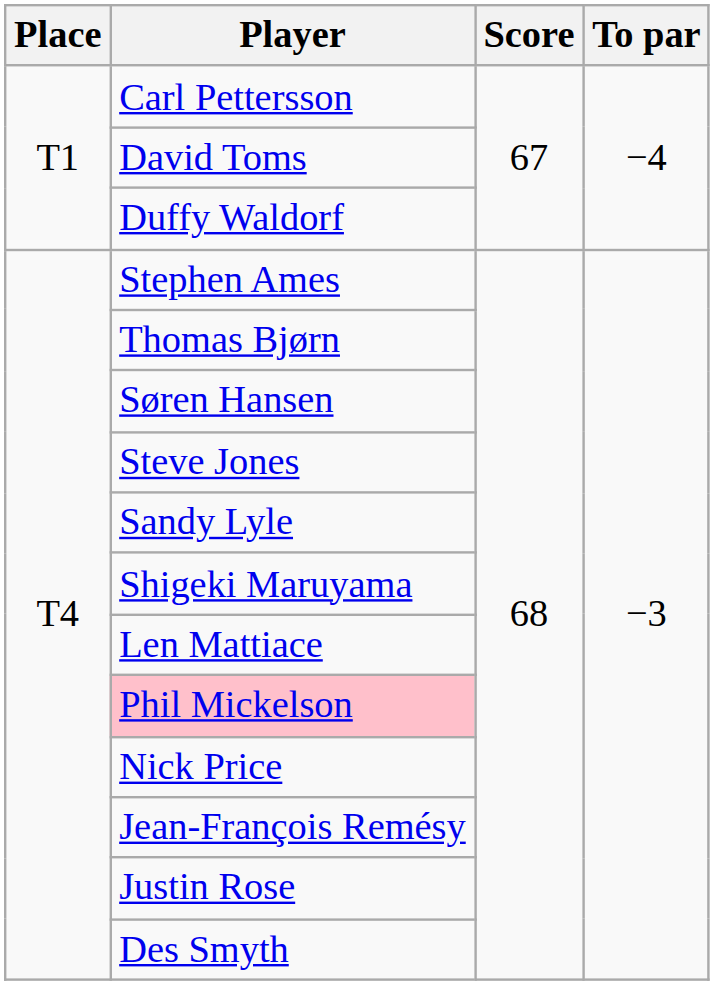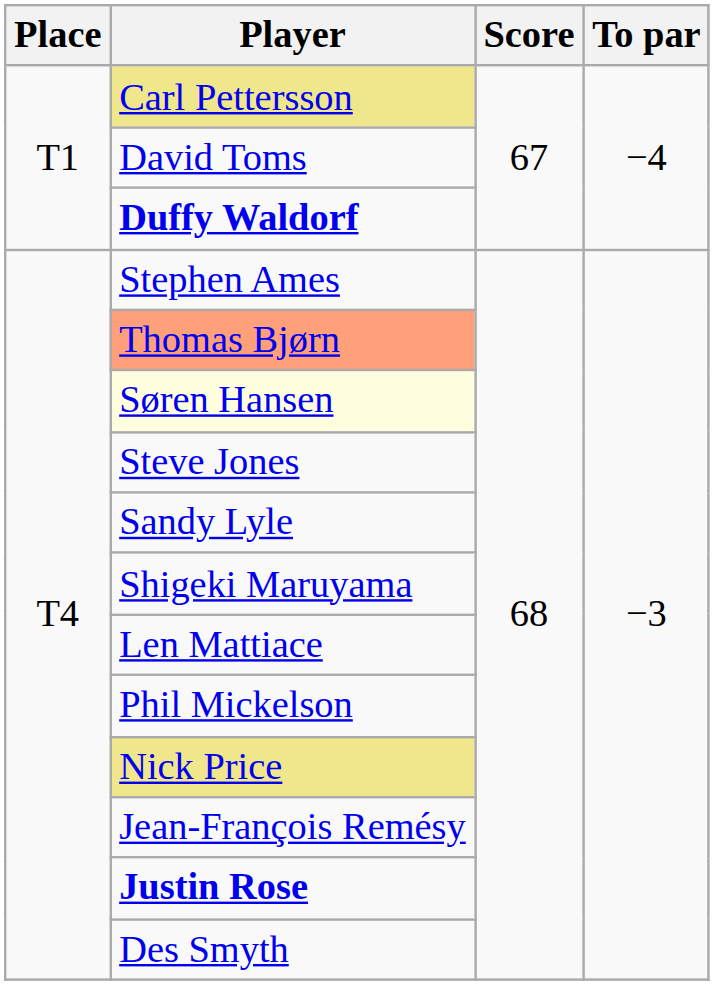 <table class="wikitable">
 <tr>
 <th>Place</th>
 <th>Player</th>
 <th>Score</th>
 <th>To par</th>
 </tr>
 <tr>
 <td rowspan="3" style="text-align:center;">T1</td>
-<td> <a href='#'>Carl Pettersson</a></td>
+<td style="background: khaki;"> <a href='#'>Carl Pettersson</a></td>
 <td rowspan="3" style="text-align:center;">67</td>
 <td rowspan="3" style="text-align:center;">−4</td>
 </tr>
 <tr>
 <td> <a href='#'>David Toms</a></td>
 </tr>
 <tr>
-<td> <a href='#'>Duffy Waldorf</a></td>
+<td><strong> <a href='#'>Duffy Waldorf</a></strong></td>
 </tr>
 <tr>
 <td rowspan="12" style="text-align:center;">T4</td>
 <td> <a href='#'>Stephen Ames</a></td>
 <td rowspan="12" style="text-align:center;">68</td>
 <td rowspan="12" style="text-align:center;">−3</td>
 </tr>
 <tr>
-<td> <a href='#'>Thomas Bjørn</a></td>
+<td style="background: lightsalmon;"> <a href='#'>Thomas Bjørn</a></td>
 </tr>
 <tr>
-<td> <a href='#'>Søren Hansen</a></td>
+<td style="background: lightyellow;"> <a href='#'>Søren Hansen</a></td>
 </tr>
 <tr>
 <td> <a href='#'>Steve Jones</a></td>
 </tr>
 <tr>
 <td> <a href='#'>Sandy Lyle</a></td>
 </tr>
 <tr>
 <td> <a href='#'>Shigeki Maruyama</a></td>
 </tr>
 <tr>
 <td> <a href='#'>Len Mattiace</a></td>
 </tr>
 <tr>
-<td style="background: pink;"> <a href='#'>Phil Mickelson</a></td>
+<td> <a href='#'>Phil Mickelson</a></td>
 </tr>
 <tr>
-<td> <a href='#'>Nick Price</a></td>
+<td style="background: khaki;"> <a href='#'>Nick Price</a></td>
 </tr>
 <tr>
 <td> <a href='#'>Jean-François Remésy</a></td>
 </tr>
 <tr>
-<td> <a href='#'>Justin Rose</a></td>
+<td><strong> <a href='#'>Justin Rose</a></strong></td>
 </tr>
 <tr>
 <td> <a href='#'>Des Smyth</a></td>
 </tr>
 </table>
